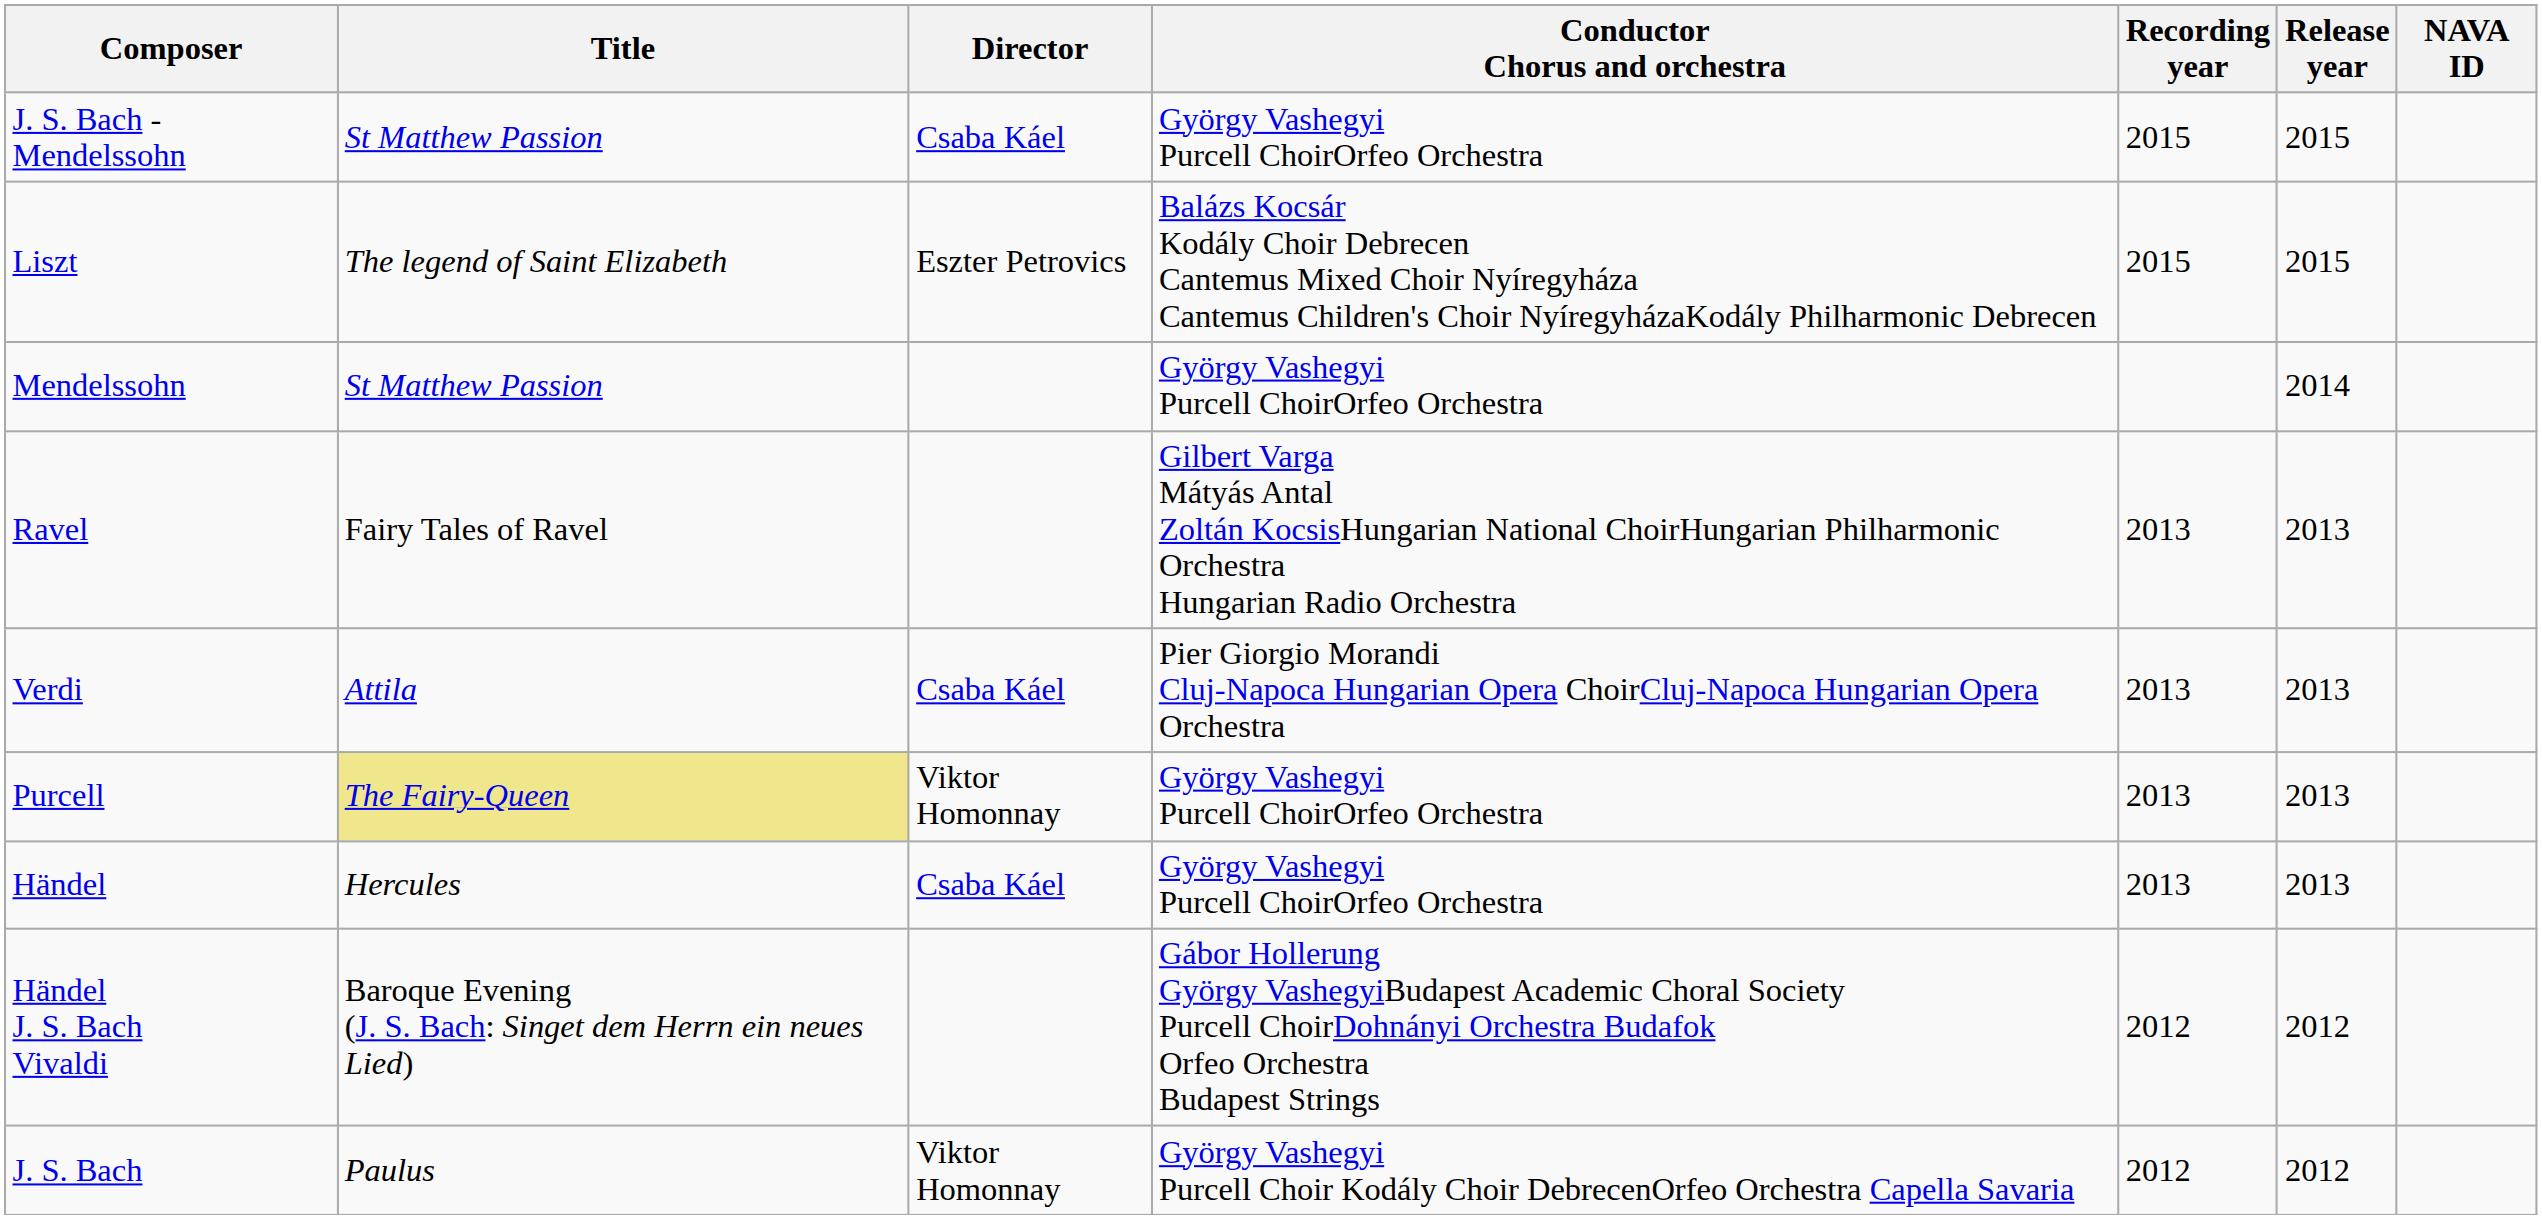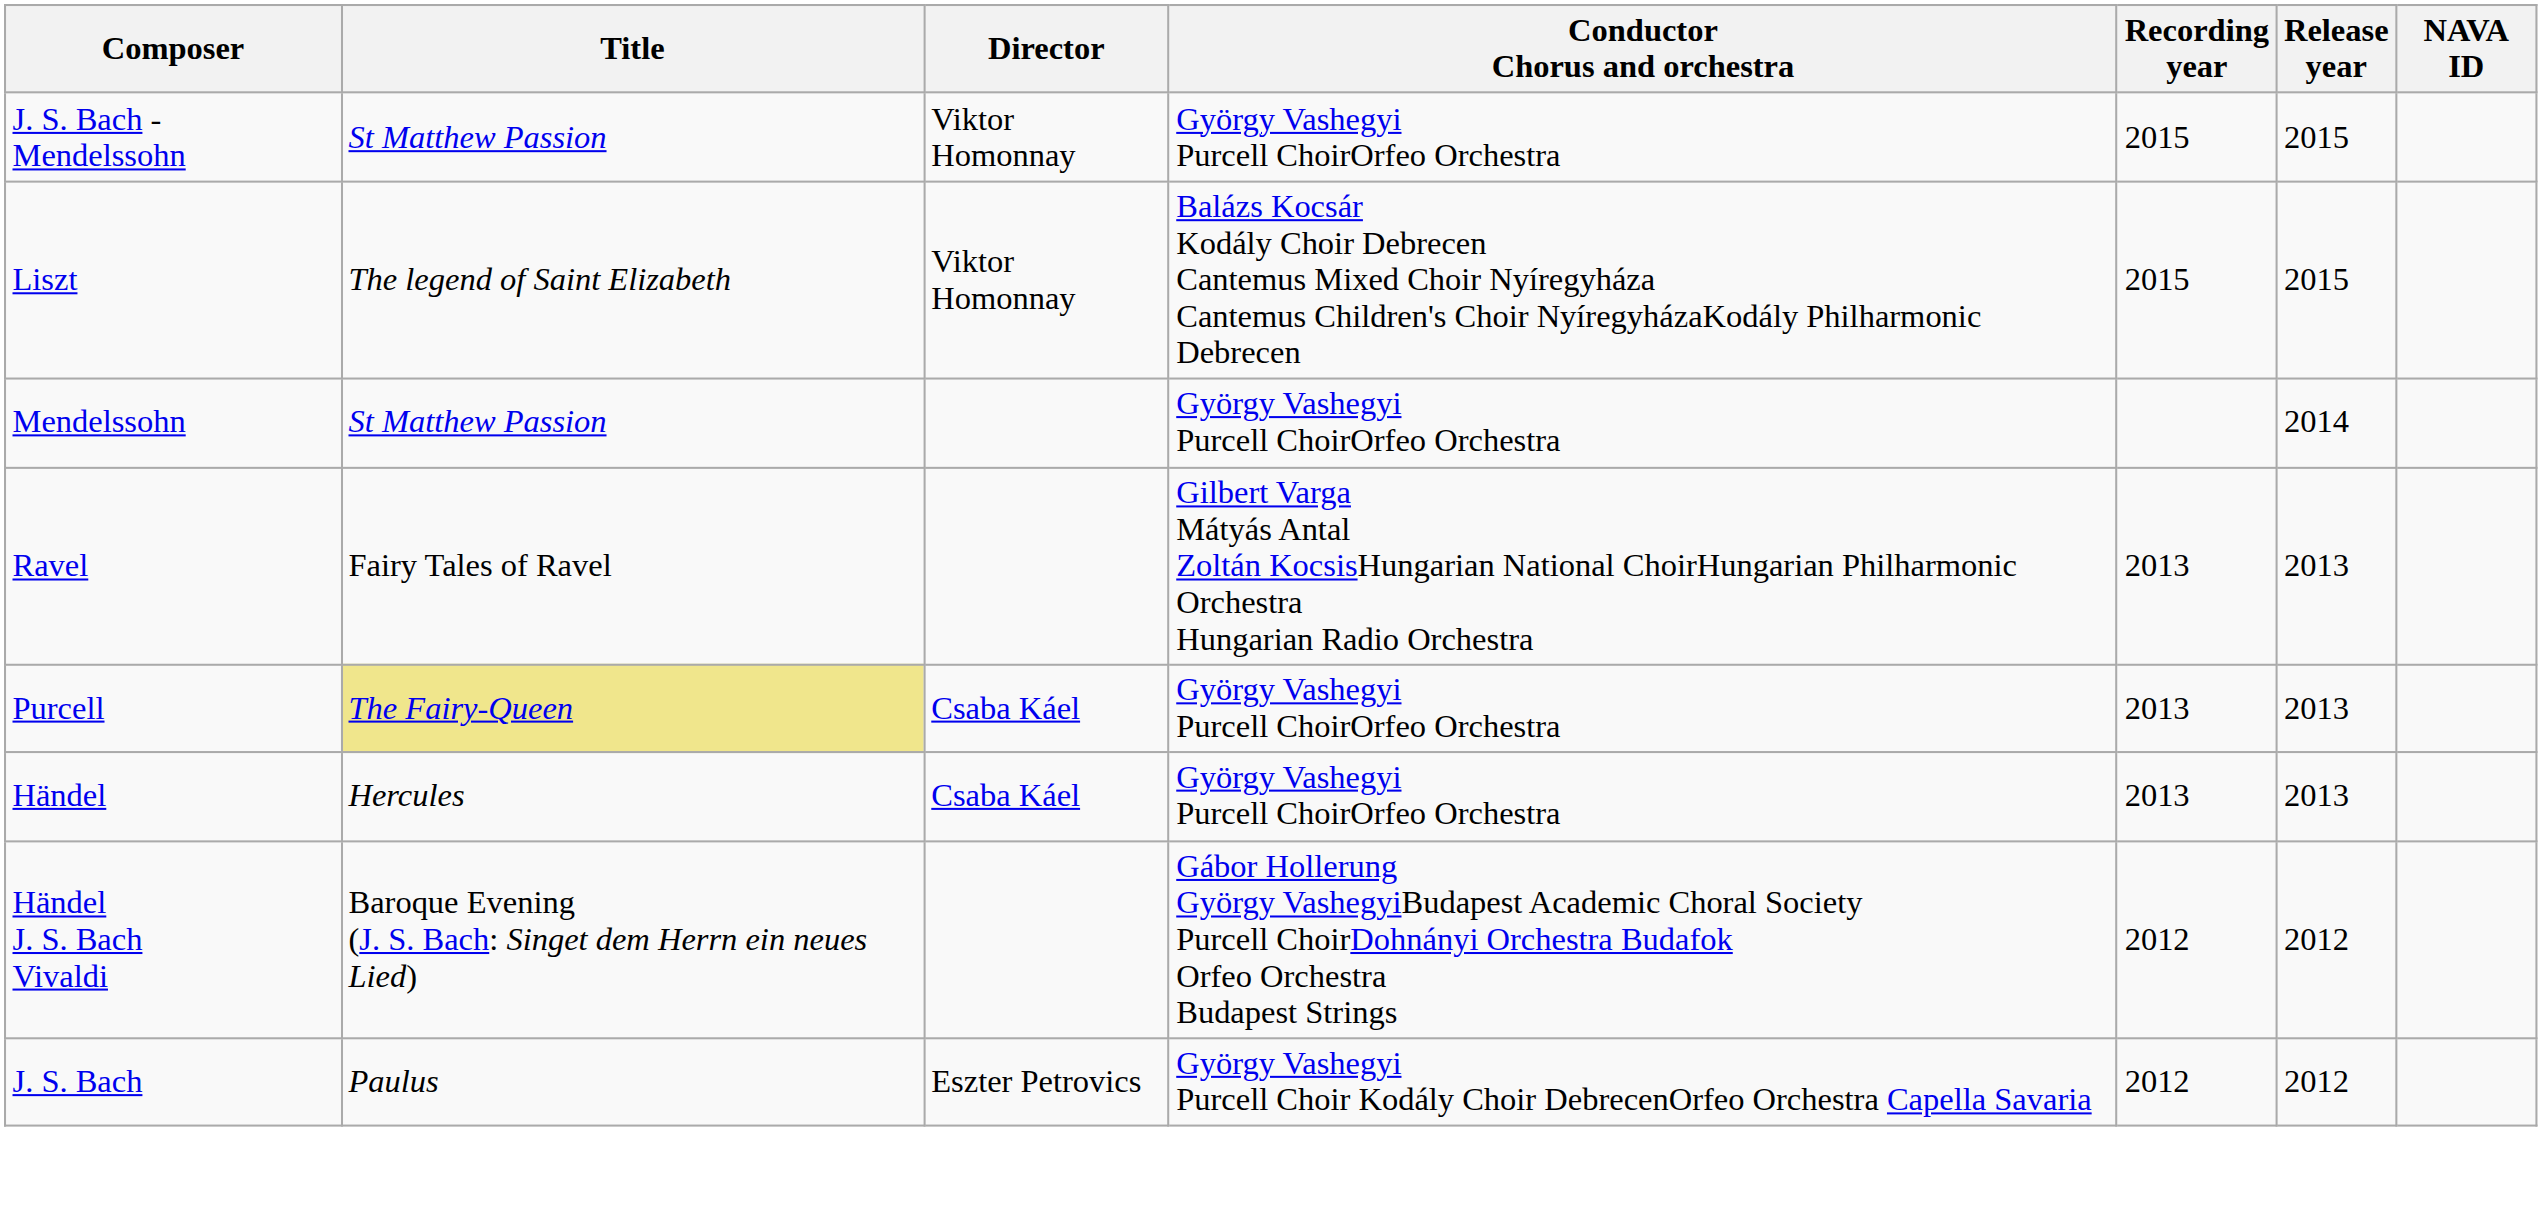 <table class="wikitable mw-collapsible">
 <tr>
 <th>Composer</th>
 <th>Title</th>
 <th>Director</th>
 <th>Conductor<br>Chorus and orchestra</th>
 <th>Recording<br>year</th>
 <th>Release<br>year</th>
 <th>NAVA ID</th>
 </tr>
 <tr>
 <td><a href='#'>J. S. Bach</a> - <a href='#'>Mendelssohn</a></td>
 <td><em><a href='#'>St Matthew Passion</a></em></td>
-<td><a href='#'>Csaba Káel</a></td>
+<td>Viktor Homonnay</td>
 <td><a href='#'>György Vashegyi</a><br>Purcell ChoirOrfeo Orchestra</td>
 <td>2015</td>
 <td>2015</td>
 <td></td>
 </tr>
 <tr>
 <td><a href='#'>Liszt</a></td>
 <td><em>The legend of Saint Elizabeth</em></td>
-<td>Eszter Petrovics</td>
+<td>Viktor Homonnay</td>
 <td><a href='#'>Balázs Kocsár</a><br>Kodály Choir Debrecen<br>Cantemus Mixed Choir Nyíregyháza<br>Cantemus Children's Choir NyíregyházaKodály Philharmonic Debrecen</td>
 <td>2015</td>
 <td>2015</td>
 <td></td>
 </tr>
 <tr>
 <td><a href='#'>Mendelssohn</a></td>
 <td><em><a href='#'>St Matthew Passion</a></em></td>
 <td></td>
 <td><a href='#'>György Vashegyi</a><br>Purcell ChoirOrfeo Orchestra</td>
 <td></td>
 <td>2014</td>
 <td></td>
 </tr>
 <tr>
 <td><a href='#'>Ravel</a></td>
 <td>Fairy Tales of Ravel</td>
 <td></td>
 <td><a href='#'>Gilbert Varga</a><br>Mátyás Antal<br><a href='#'>Zoltán Kocsis</a>Hungarian National ChoirHungarian Philharmonic Orchestra<br>Hungarian Radio Orchestra</td>
 <td>2013</td>
 <td>2013</td>
 <td></td>
 </tr>
 <tr>
-<td><a href='#'>Verdi</a></td>
-<td><a href='#'><em>Attila</em></a></td>
-<td><a href='#'>Csaba Káel</a></td>
-<td>Pier Giorgio Morandi<br><a href='#'>Cluj-Napoca Hungarian Opera</a> Choir<a href='#'>Cluj-Napoca Hungarian Opera</a> Orchestra</td>
-<td>2013</td>
-<td>2013</td>
-<td></td>
-</tr>
-<tr>
 <td><a href='#'>Purcell</a></td>
 <td style="background: khaki;"><em><a href='#'>The Fairy-Queen</a></em></td>
-<td>Viktor Homonnay</td>
+<td><a href='#'>Csaba Káel</a></td>
 <td><a href='#'>György Vashegyi</a><br>Purcell ChoirOrfeo Orchestra</td>
 <td>2013</td>
 <td>2013</td>
 <td></td>
 </tr>
 <tr>
 <td><a href='#'>Händel</a></td>
 <td><em>Hercules</em></td>
 <td><a href='#'>Csaba Káel</a></td>
 <td><a href='#'>György Vashegyi</a><br>Purcell ChoirOrfeo Orchestra</td>
 <td>2013</td>
 <td>2013</td>
 <td></td>
 </tr>
 <tr>
 <td><a href='#'>Händel</a><br><a href='#'>J. S. Bach</a><br><a href='#'>Vivaldi</a></td>
 <td>Baroque Evening<br>(<a href='#'>J. S. Bach</a>: <em>Singet dem Herrn ein neues Lied</em>)</td>
 <td></td>
 <td><a href='#'>Gábor Hollerung</a><br><a href='#'>György Vashegyi</a>Budapest Academic Choral Society<br>Purcell Choir<a href='#'>Dohnányi Orchestra Budafok</a><br>Orfeo Orchestra<br>Budapest Strings</td>
 <td>2012</td>
 <td>2012</td>
 <td></td>
 </tr>
 <tr>
 <td><a href='#'>J. S. Bach</a></td>
 <td><em>Paulus</em></td>
-<td>Viktor Homonnay</td>
+<td>Eszter Petrovics</td>
 <td><a href='#'>György Vashegyi</a><br>Purcell Choir Kodály Choir DebrecenOrfeo Orchestra <a href='#'>Capella Savaria</a></td>
 <td>2012</td>
 <td>2012</td>
 <td></td>
 </tr>
 </table>
